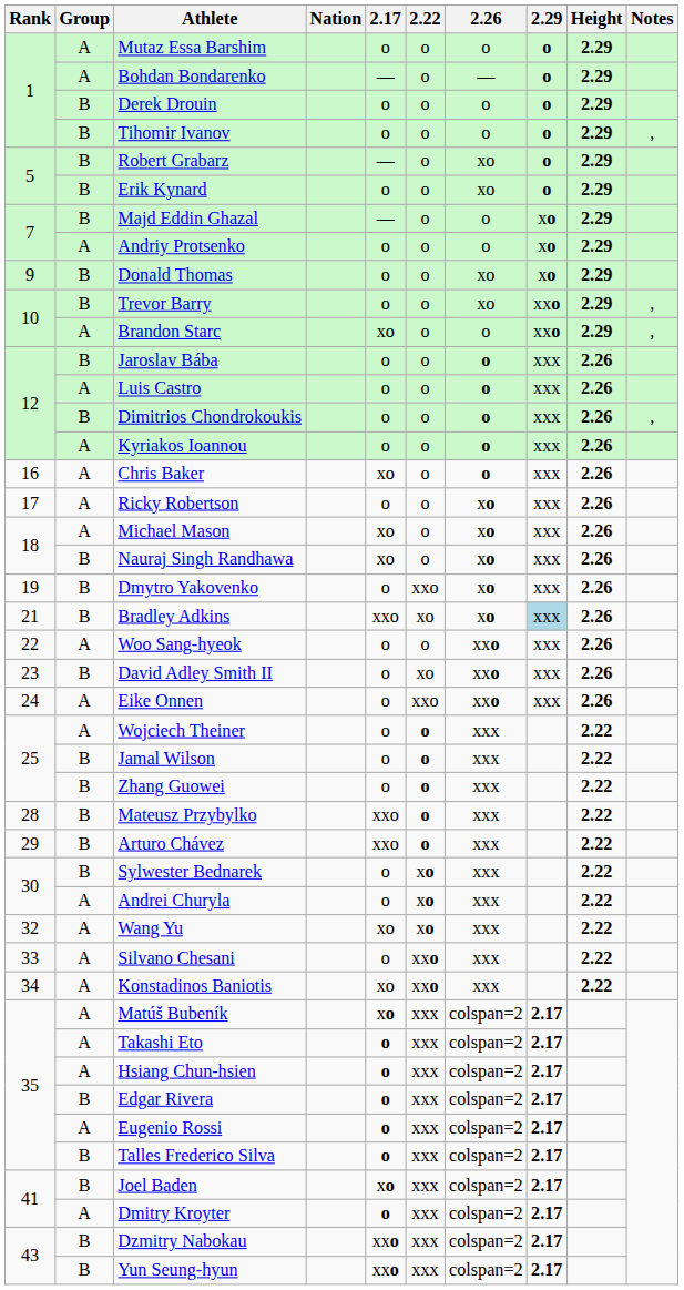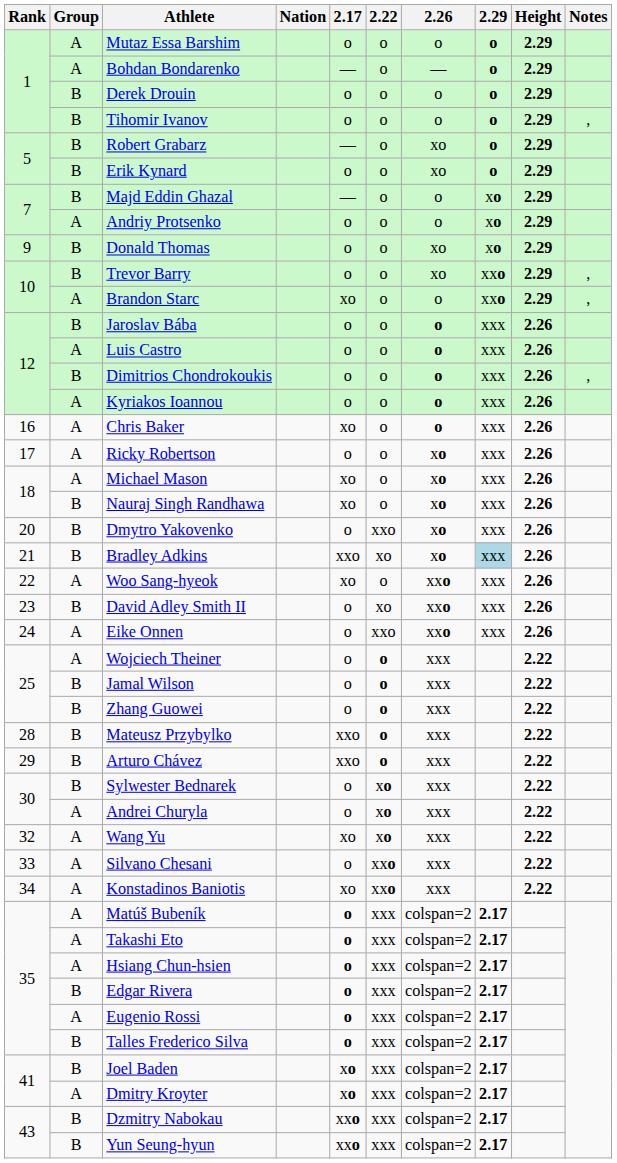 <table class="wikitable sortable" style="text-align:center">
 <tr>
 <th>Rank</th>
 <th>Group</th>
 <th>Athlete</th>
 <th>Nation</th>
 <th>2.17</th>
 <th>2.22</th>
 <th>2.26</th>
 <th>2.29</th>
 <th>Height</th>
 <th>Notes</th>
 </tr>
 <tr bgcolor=ccf9cc>
 <td rowspan=4>1</td>
 <td>A</td>
 <td align=left><a href='#'>Mutaz Essa Barshim</a></td>
 <td align=left></td>
 <td>o</td>
 <td>o</td>
 <td>o</td>
 <td><strong>o</strong></td>
 <td><strong>2.29</strong></td>
 <td></td>
 </tr>
 <tr bgcolor=ccf9cc>
 <td>A</td>
 <td align=left><a href='#'>Bohdan Bondarenko</a></td>
 <td align=left></td>
 <td>—</td>
 <td>o</td>
 <td>—</td>
 <td><strong>o</strong></td>
 <td><strong>2.29</strong></td>
 <td></td>
 </tr>
 <tr bgcolor=ccf9cc>
 <td>B</td>
 <td align=left><a href='#'>Derek Drouin</a></td>
 <td align=left></td>
 <td>o</td>
 <td>o</td>
 <td>o</td>
 <td><strong>o</strong></td>
 <td><strong>2.29</strong></td>
 <td></td>
 </tr>
 <tr bgcolor=ccf9cc>
 <td>B</td>
 <td align=left><a href='#'>Tihomir Ivanov</a></td>
 <td align=left></td>
 <td>o</td>
 <td>o</td>
 <td>o</td>
 <td><strong>o</strong></td>
 <td><strong>2.29</strong></td>
 <td>, </td>
 </tr>
 <tr bgcolor=ccf9cc>
 <td rowspan=2>5</td>
 <td>B</td>
 <td align=left><a href='#'>Robert Grabarz</a></td>
 <td align=left></td>
 <td>—</td>
 <td>o</td>
 <td>xo</td>
 <td><strong>o</strong></td>
 <td><strong>2.29</strong></td>
 <td></td>
 </tr>
 <tr bgcolor=ccf9cc>
 <td>B</td>
 <td align=left><a href='#'>Erik Kynard</a></td>
 <td align=left></td>
 <td>o</td>
 <td>o</td>
 <td>xo</td>
 <td><strong>o</strong></td>
 <td><strong>2.29</strong></td>
 <td></td>
 </tr>
 <tr bgcolor=ccf9cc>
 <td rowspan=2>7</td>
 <td>B</td>
 <td align=left><a href='#'>Majd Eddin Ghazal</a></td>
 <td align=left></td>
 <td>—</td>
 <td>o</td>
 <td>o</td>
 <td>x<strong>o</strong></td>
 <td><strong>2.29</strong></td>
 <td></td>
 </tr>
 <tr bgcolor=ccf9cc>
 <td>A</td>
 <td align=left><a href='#'>Andriy Protsenko</a></td>
 <td align=left></td>
 <td>o</td>
 <td>o</td>
 <td>o</td>
 <td>x<strong>o</strong></td>
 <td><strong>2.29</strong></td>
 <td></td>
 </tr>
 <tr bgcolor=ccf9cc>
 <td>9</td>
 <td>B</td>
 <td align=left><a href='#'>Donald Thomas</a></td>
 <td align=left></td>
 <td>o</td>
 <td>o</td>
 <td>xo</td>
 <td>x<strong>o</strong></td>
 <td><strong>2.29</strong></td>
 <td></td>
 </tr>
 <tr bgcolor=ccf9cc>
 <td rowspan=2>10</td>
 <td>B</td>
 <td align=left><a href='#'>Trevor Barry</a></td>
 <td align=left></td>
 <td>o</td>
 <td>o</td>
 <td>xo</td>
 <td>xx<strong>o</strong></td>
 <td><strong>2.29</strong></td>
 <td>, </td>
 </tr>
 <tr bgcolor=ccf9cc>
 <td>A</td>
 <td align=left><a href='#'>Brandon Starc</a></td>
 <td align=left></td>
 <td>xo</td>
 <td>o</td>
 <td>o</td>
 <td>xx<strong>o</strong></td>
 <td><strong>2.29</strong></td>
 <td>, </td>
 </tr>
 <tr bgcolor=ccf9cc>
 <td rowspan=4>12</td>
 <td>B</td>
 <td align=left><a href='#'>Jaroslav Bába</a></td>
 <td align=left></td>
 <td>o</td>
 <td>o</td>
 <td><strong>o</strong></td>
 <td>xxx</td>
 <td><strong>2.26</strong></td>
 <td></td>
 </tr>
 <tr bgcolor=ccf9cc>
 <td>A</td>
 <td align=left><a href='#'>Luis Castro</a></td>
 <td align=left></td>
 <td>o</td>
 <td>o</td>
 <td><strong>o</strong></td>
 <td>xxx</td>
 <td><strong>2.26</strong></td>
 <td></td>
 </tr>
 <tr bgcolor=ccf9cc>
 <td>B</td>
 <td align=left><a href='#'>Dimitrios Chondrokoukis</a></td>
 <td align=left></td>
 <td>o</td>
 <td>o</td>
 <td><strong>o</strong></td>
 <td>xxx</td>
 <td><strong>2.26</strong></td>
 <td>, </td>
 </tr>
 <tr bgcolor=ccf9cc>
 <td>A</td>
 <td align=left><a href='#'>Kyriakos Ioannou</a></td>
 <td align=left></td>
 <td>o</td>
 <td>o</td>
 <td><strong>o</strong></td>
 <td>xxx</td>
 <td><strong>2.26</strong></td>
 <td></td>
 </tr>
 <tr>
 <td>16</td>
 <td>A</td>
 <td align=left><a href='#'>Chris Baker</a></td>
 <td align=left></td>
 <td>xo</td>
 <td>o</td>
 <td><strong>o</strong></td>
 <td>xxx</td>
 <td><strong>2.26</strong></td>
 <td></td>
 </tr>
 <tr>
 <td>17</td>
 <td>A</td>
 <td align=left><a href='#'>Ricky Robertson</a></td>
 <td align=left></td>
 <td>o</td>
 <td>o</td>
 <td>x<strong>o</strong></td>
 <td>xxx</td>
 <td><strong>2.26</strong></td>
 <td></td>
 </tr>
 <tr>
 <td rowspan=2>18</td>
 <td>A</td>
 <td align=left><a href='#'>Michael Mason</a></td>
 <td align=left></td>
 <td>xo</td>
 <td>o</td>
 <td>x<strong>o</strong></td>
 <td>xxx</td>
 <td><strong>2.26</strong></td>
 <td></td>
 </tr>
 <tr>
 <td>B</td>
 <td align=left><a href='#'>Nauraj Singh Randhawa</a></td>
 <td align=left></td>
 <td>xo</td>
 <td>o</td>
 <td>x<strong>o</strong></td>
 <td>xxx</td>
 <td><strong>2.26</strong></td>
 <td></td>
 </tr>
 <tr>
-<td>19</td>
+<td>20</td>
 <td>B</td>
 <td align=left><a href='#'>Dmytro Yakovenko</a></td>
 <td align=left></td>
 <td>o</td>
 <td>xxo</td>
 <td>x<strong>o</strong></td>
 <td>xxx</td>
 <td><strong>2.26</strong></td>
 <td></td>
 </tr>
 <tr>
 <td>21</td>
 <td>B</td>
 <td align=left><a href='#'>Bradley Adkins</a></td>
 <td align=left></td>
 <td>xxo</td>
 <td>xo</td>
 <td>x<strong>o</strong></td>
 <td style="background: lightblue;">xxx</td>
 <td><strong>2.26</strong></td>
 <td></td>
 </tr>
 <tr>
 <td>22</td>
 <td>A</td>
 <td align=left><a href='#'>Woo Sang-hyeok</a></td>
 <td align=left></td>
-<td>o</td>
+<td>xo</td>
 <td>o</td>
 <td>xx<strong>o</strong></td>
 <td>xxx</td>
 <td><strong>2.26</strong></td>
 <td></td>
 </tr>
 <tr>
 <td>23</td>
 <td>B</td>
 <td align=left><a href='#'>David Adley Smith II</a></td>
 <td align=left></td>
 <td>o</td>
 <td>xo</td>
 <td>xx<strong>o</strong></td>
 <td>xxx</td>
 <td><strong>2.26</strong></td>
 <td></td>
 </tr>
 <tr>
 <td>24</td>
 <td>A</td>
 <td align=left><a href='#'>Eike Onnen</a></td>
 <td align=left></td>
 <td>o</td>
 <td>xxo</td>
 <td>xx<strong>o</strong></td>
 <td>xxx</td>
 <td><strong>2.26</strong></td>
 <td></td>
 </tr>
 <tr>
 <td rowspan=3>25</td>
 <td>A</td>
 <td align=left><a href='#'>Wojciech Theiner</a></td>
 <td align=left></td>
 <td>o</td>
 <td><strong>o</strong></td>
 <td>xxx</td>
 <td></td>
 <td><strong>2.22</strong></td>
 <td></td>
 </tr>
 <tr>
 <td>B</td>
 <td align=left><a href='#'>Jamal Wilson</a></td>
 <td align=left></td>
 <td>o</td>
 <td><strong>o</strong></td>
 <td>xxx</td>
 <td></td>
 <td><strong>2.22</strong></td>
 <td></td>
 </tr>
 <tr>
 <td>B</td>
 <td align=left><a href='#'>Zhang Guowei</a></td>
 <td align=left></td>
 <td>o</td>
 <td><strong>o</strong></td>
 <td>xxx</td>
 <td></td>
 <td><strong>2.22</strong></td>
 <td></td>
 </tr>
 <tr>
 <td>28</td>
 <td>B</td>
 <td align=left><a href='#'>Mateusz Przybylko</a></td>
 <td align=left></td>
 <td>xxo</td>
 <td><strong>o</strong></td>
 <td>xxx</td>
 <td></td>
 <td><strong>2.22</strong></td>
 <td></td>
 </tr>
 <tr>
 <td>29</td>
 <td>B</td>
 <td align=left><a href='#'>Arturo Chávez</a></td>
 <td align=left></td>
 <td>xxo</td>
 <td><strong>o</strong></td>
 <td>xxx</td>
 <td></td>
 <td><strong>2.22</strong></td>
 <td></td>
 </tr>
 <tr>
 <td rowspan=2>30</td>
 <td>B</td>
 <td align=left><a href='#'>Sylwester Bednarek</a></td>
 <td align=left></td>
 <td>o</td>
 <td>x<strong>o</strong></td>
 <td>xxx</td>
 <td></td>
 <td><strong>2.22</strong></td>
 <td></td>
 </tr>
 <tr>
 <td>A</td>
 <td align=left><a href='#'>Andrei Churyla</a></td>
 <td align=left></td>
 <td>o</td>
 <td>x<strong>o</strong></td>
 <td>xxx</td>
 <td></td>
 <td><strong>2.22</strong></td>
 <td></td>
 </tr>
 <tr>
 <td>32</td>
 <td>A</td>
 <td align=left><a href='#'>Wang Yu</a></td>
 <td align=left></td>
 <td>xo</td>
 <td>x<strong>o</strong></td>
 <td>xxx</td>
 <td></td>
 <td><strong>2.22</strong></td>
 <td></td>
 </tr>
 <tr>
 <td>33</td>
 <td>A</td>
 <td align=left><a href='#'>Silvano Chesani</a></td>
 <td align=left></td>
 <td>o</td>
 <td>xx<strong>o</strong></td>
 <td>xxx</td>
 <td></td>
 <td><strong>2.22</strong></td>
 <td></td>
 </tr>
 <tr>
 <td>34</td>
 <td>A</td>
 <td align=left><a href='#'>Konstadinos Baniotis</a></td>
 <td align=left></td>
 <td>xo</td>
 <td>xx<strong>o</strong></td>
 <td>xxx</td>
 <td></td>
 <td><strong>2.22</strong></td>
 <td></td>
 </tr>
 <tr>
 <td rowspan=6>35</td>
 <td>A</td>
 <td align=left><a href='#'>Matúš Bubeník</a></td>
 <td align=left></td>
-<td>x<strong>o</strong></td>
+<td><strong>o</strong></td>
 <td>xxx</td>
 <td>colspan=2 </td>
 <td><strong>2.17</strong></td>
 <td></td>
 </tr>
 <tr>
 <td>A</td>
 <td align=left><a href='#'>Takashi Eto</a></td>
 <td align=left></td>
 <td><strong>o</strong></td>
 <td>xxx</td>
 <td>colspan=2 </td>
 <td><strong>2.17</strong></td>
 <td></td>
 </tr>
 <tr>
 <td>A</td>
 <td align=left><a href='#'>Hsiang Chun-hsien</a></td>
 <td align=left></td>
 <td><strong>o</strong></td>
 <td>xxx</td>
 <td>colspan=2 </td>
 <td><strong>2.17</strong></td>
 <td></td>
 </tr>
 <tr>
 <td>B</td>
 <td align=left><a href='#'>Edgar Rivera</a></td>
 <td align=left></td>
 <td><strong>o</strong></td>
 <td>xxx</td>
 <td>colspan=2 </td>
 <td><strong>2.17</strong></td>
 <td></td>
 </tr>
 <tr>
 <td>A</td>
 <td align=left><a href='#'>Eugenio Rossi</a></td>
 <td align=left></td>
 <td><strong>o</strong></td>
 <td>xxx</td>
 <td>colspan=2 </td>
 <td><strong>2.17</strong></td>
 <td></td>
 </tr>
 <tr>
 <td>B</td>
 <td align=left><a href='#'>Talles Frederico Silva</a></td>
 <td align=left></td>
 <td><strong>o</strong></td>
 <td>xxx</td>
 <td>colspan=2 </td>
 <td><strong>2.17</strong></td>
 <td></td>
 </tr>
 <tr>
 <td rowspan=2>41</td>
 <td>B</td>
 <td align=left><a href='#'>Joel Baden</a></td>
 <td align=left></td>
 <td>x<strong>o</strong></td>
 <td>xxx</td>
 <td>colspan=2 </td>
 <td><strong>2.17</strong></td>
 <td></td>
 </tr>
 <tr>
 <td>A</td>
 <td align=left><a href='#'>Dmitry Kroyter</a></td>
 <td align=left></td>
-<td><strong>o</strong></td>
+<td>x<strong>o</strong></td>
 <td>xxx</td>
 <td>colspan=2 </td>
 <td><strong>2.17</strong></td>
 <td></td>
 </tr>
 <tr>
 <td rowspan=2>43</td>
 <td>B</td>
 <td align=left><a href='#'>Dzmitry Nabokau</a></td>
 <td align=left></td>
 <td>xx<strong>o</strong></td>
 <td>xxx</td>
 <td>colspan=2 </td>
 <td><strong>2.17</strong></td>
 <td></td>
 </tr>
 <tr>
 <td>B</td>
 <td align=left><a href='#'>Yun Seung-hyun</a></td>
 <td align=left></td>
 <td>xx<strong>o</strong></td>
 <td>xxx</td>
 <td>colspan=2 </td>
 <td><strong>2.17</strong></td>
 <td></td>
 </tr>
 </table>
